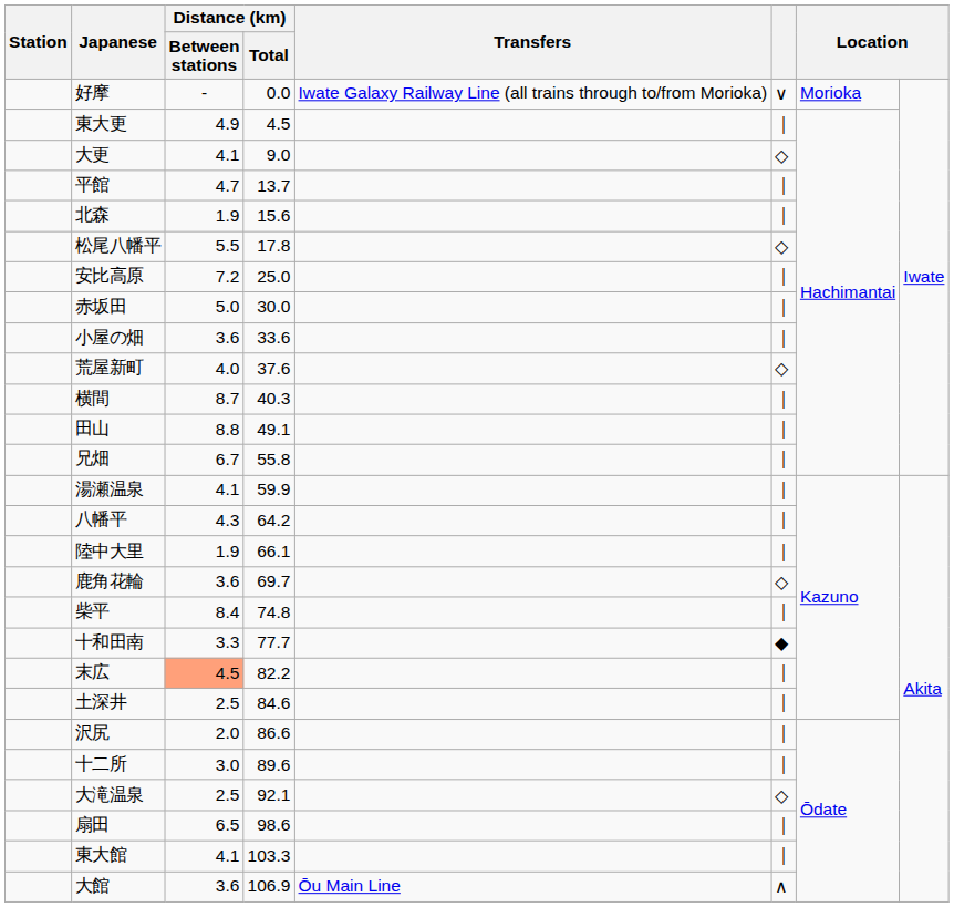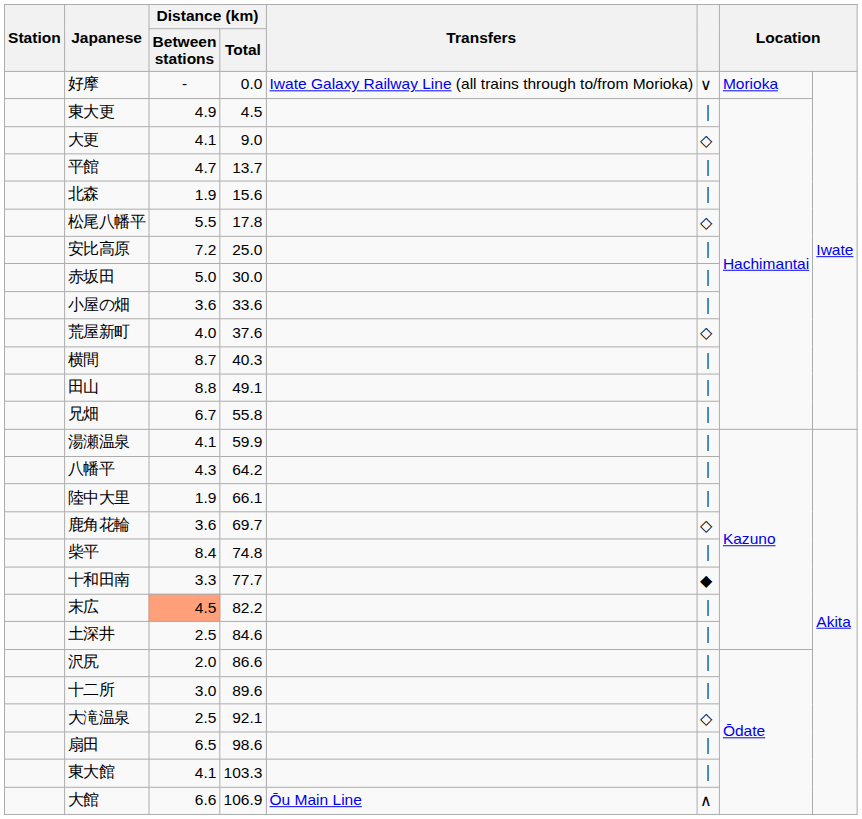 <table class="wikitable" rules="all">
 <tr>
 <th rowspan="2">Station</th>
 <th rowspan="2">Japanese</th>
 <th colspan="2">Distance (km)</th>
 <th rowspan="2">Transfers</th>
 <th rowspan="2" style="width:1em;"> </th>
 <th rowspan="2" colspan="2">Location</th>
 </tr>
 <tr>
 <th style="width:2.5em;">Between<br>stations</th>
 <th style="width:2.5em;">Total</th>
 </tr>
 <tr>
 <td></td>
 <td>好摩</td>
 <td style="text-align:center;">-</td>
 <td style="text-align:right;">0.0</td>
 <td><a href='#'>Iwate Galaxy Railway Line</a> (all trains through to/from Morioka)</td>
 <td>∨</td>
 <td><a href='#'>Morioka</a></td>
 <td rowspan="13" style="width:1em;"><a href='#'>Iwate</a></td>
 </tr>
 <tr>
 <td></td>
 <td>東大更</td>
 <td style="text-align:right;">4.9</td>
 <td style="text-align:right;">4.5</td>
 <td> </td>
 <td>｜</td>
 <td rowspan="12" style="text-align:nowrap;"><a href='#'>Hachimantai</a></td>
 </tr>
 <tr>
 <td></td>
 <td>大更</td>
 <td style="text-align:right;">4.1</td>
 <td style="text-align:right;">9.0</td>
 <td> </td>
 <td>◇</td>
 </tr>
 <tr>
 <td></td>
 <td>平館</td>
 <td style="text-align:right;">4.7</td>
 <td style="text-align:right;">13.7</td>
 <td> </td>
 <td>｜</td>
 </tr>
 <tr>
 <td></td>
 <td>北森</td>
 <td style="text-align:right;">1.9</td>
 <td style="text-align:right;">15.6</td>
 <td> </td>
 <td>｜</td>
 </tr>
 <tr>
 <td></td>
 <td>松尾八幡平</td>
 <td style="text-align:right;">5.5</td>
 <td style="text-align:right;">17.8</td>
 <td> </td>
 <td>◇</td>
 </tr>
 <tr>
 <td></td>
 <td>安比高原</td>
 <td style="text-align:right;">7.2</td>
 <td style="text-align:right;">25.0</td>
 <td> </td>
 <td>｜</td>
 </tr>
 <tr>
 <td></td>
 <td>赤坂田</td>
 <td style="text-align:right;">5.0</td>
 <td style="text-align:right;">30.0</td>
 <td> </td>
 <td>｜</td>
 </tr>
 <tr>
 <td></td>
 <td>小屋の畑</td>
 <td style="text-align:right;">3.6</td>
 <td style="text-align:right;">33.6</td>
 <td> </td>
 <td>｜</td>
 </tr>
 <tr>
 <td></td>
 <td>荒屋新町</td>
 <td style="text-align:right;">4.0</td>
 <td style="text-align:right;">37.6</td>
 <td> </td>
 <td>◇</td>
 </tr>
 <tr>
 <td></td>
 <td>横間</td>
 <td style="text-align:right;">8.7</td>
 <td style="text-align:right;">40.3</td>
 <td> </td>
 <td>｜</td>
 </tr>
 <tr>
 <td></td>
 <td>田山</td>
 <td style="text-align:right;">8.8</td>
 <td style="text-align:right;">49.1</td>
 <td> </td>
 <td>｜</td>
 </tr>
 <tr>
 <td></td>
 <td>兄畑</td>
 <td style="text-align:right;">6.7</td>
 <td style="text-align:right;">55.8</td>
 <td> </td>
 <td>｜</td>
 </tr>
 <tr>
 <td></td>
 <td>湯瀬温泉</td>
 <td style="text-align:right;">4.1</td>
 <td style="text-align:right;">59.9</td>
 <td> </td>
 <td>｜</td>
 <td rowspan="8"><a href='#'>Kazuno</a></td>
 <td rowspan="14"><a href='#'>Akita</a></td>
 </tr>
 <tr>
 <td></td>
 <td>八幡平</td>
 <td style="text-align:right;">4.3</td>
 <td style="text-align:right;">64.2</td>
 <td> </td>
 <td>｜</td>
 </tr>
 <tr>
 <td></td>
 <td>陸中大里</td>
 <td style="text-align:right;">1.9</td>
 <td style="text-align:right;">66.1</td>
 <td> </td>
 <td>｜</td>
 </tr>
 <tr>
 <td></td>
 <td>鹿角花輪</td>
 <td style="text-align:right;">3.6</td>
 <td style="text-align:right;">69.7</td>
 <td> </td>
 <td>◇</td>
 </tr>
 <tr>
 <td></td>
 <td>柴平</td>
 <td style="text-align:right;">8.4</td>
 <td style="text-align:right;">74.8</td>
 <td> </td>
 <td>｜</td>
 </tr>
 <tr>
 <td></td>
 <td>十和田南</td>
 <td style="text-align:right;">3.3</td>
 <td style="text-align:right;">77.7</td>
 <td> </td>
 <td>◆</td>
 </tr>
 <tr>
 <td></td>
 <td>末広</td>
 <td style="background: lightsalmon; text-align:right;">4.5</td>
 <td style="text-align:right;">82.2</td>
 <td> </td>
 <td>｜</td>
 </tr>
 <tr>
 <td></td>
 <td>土深井</td>
 <td style="text-align:right;">2.5</td>
 <td style="text-align:right;">84.6</td>
 <td> </td>
 <td>｜</td>
 </tr>
 <tr>
 <td></td>
 <td>沢尻</td>
 <td style="text-align:right;">2.0</td>
 <td style="text-align:right;">86.6</td>
 <td> </td>
 <td>｜</td>
 <td rowspan="6"><a href='#'>Ōdate</a></td>
 </tr>
 <tr>
 <td></td>
 <td>十二所</td>
 <td style="text-align:right;">3.0</td>
 <td style="text-align:right;">89.6</td>
 <td> </td>
 <td>｜</td>
 </tr>
 <tr>
 <td></td>
 <td>大滝温泉</td>
 <td style="text-align:right;">2.5</td>
 <td style="text-align:right;">92.1</td>
 <td> </td>
 <td>◇</td>
 </tr>
 <tr>
 <td></td>
 <td>扇田</td>
 <td style="text-align:right;">6.5</td>
 <td style="text-align:right;">98.6</td>
 <td> </td>
 <td>｜</td>
 </tr>
 <tr>
 <td></td>
 <td>東大館</td>
 <td style="text-align:right;">4.1</td>
 <td style="text-align:right;">103.3</td>
 <td> </td>
 <td>｜</td>
 </tr>
 <tr>
 <td></td>
 <td>大館</td>
-<td style="text-align:right;">3.6</td>
+<td style="text-align:right;">6.6</td>
 <td style="text-align:right;">106.9</td>
 <td><a href='#'>Ōu Main Line</a></td>
 <td>∧</td>
 </tr>
 </table>
